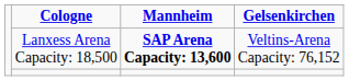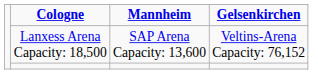 <table class="wikitable" style="text-align:center;">
 <tr>
 <td rowspan="3"></td>
 <td><strong><a href='#'>Cologne</a></strong></td>
 <td><strong><a href='#'>Mannheim</a></strong></td>
 <td><strong><a href='#'>Gelsenkirchen</a></strong></td>
 </tr>
 <tr>
 <td><a href='#'>Lanxess Arena</a><br>Capacity: 18,500</td>
-<td><strong><a href='#'>SAP Arena</a><br>Capacity: 13,600</strong></td>
+<td><a href='#'>SAP Arena</a><br>Capacity: 13,600</td>
 <td><a href='#'>Veltins-Arena</a><br>Capacity: 76,152</td>
 </tr>
 <tr>
 <td></td>
 <td></td>
 <td></td>
 </tr>
 </table>
